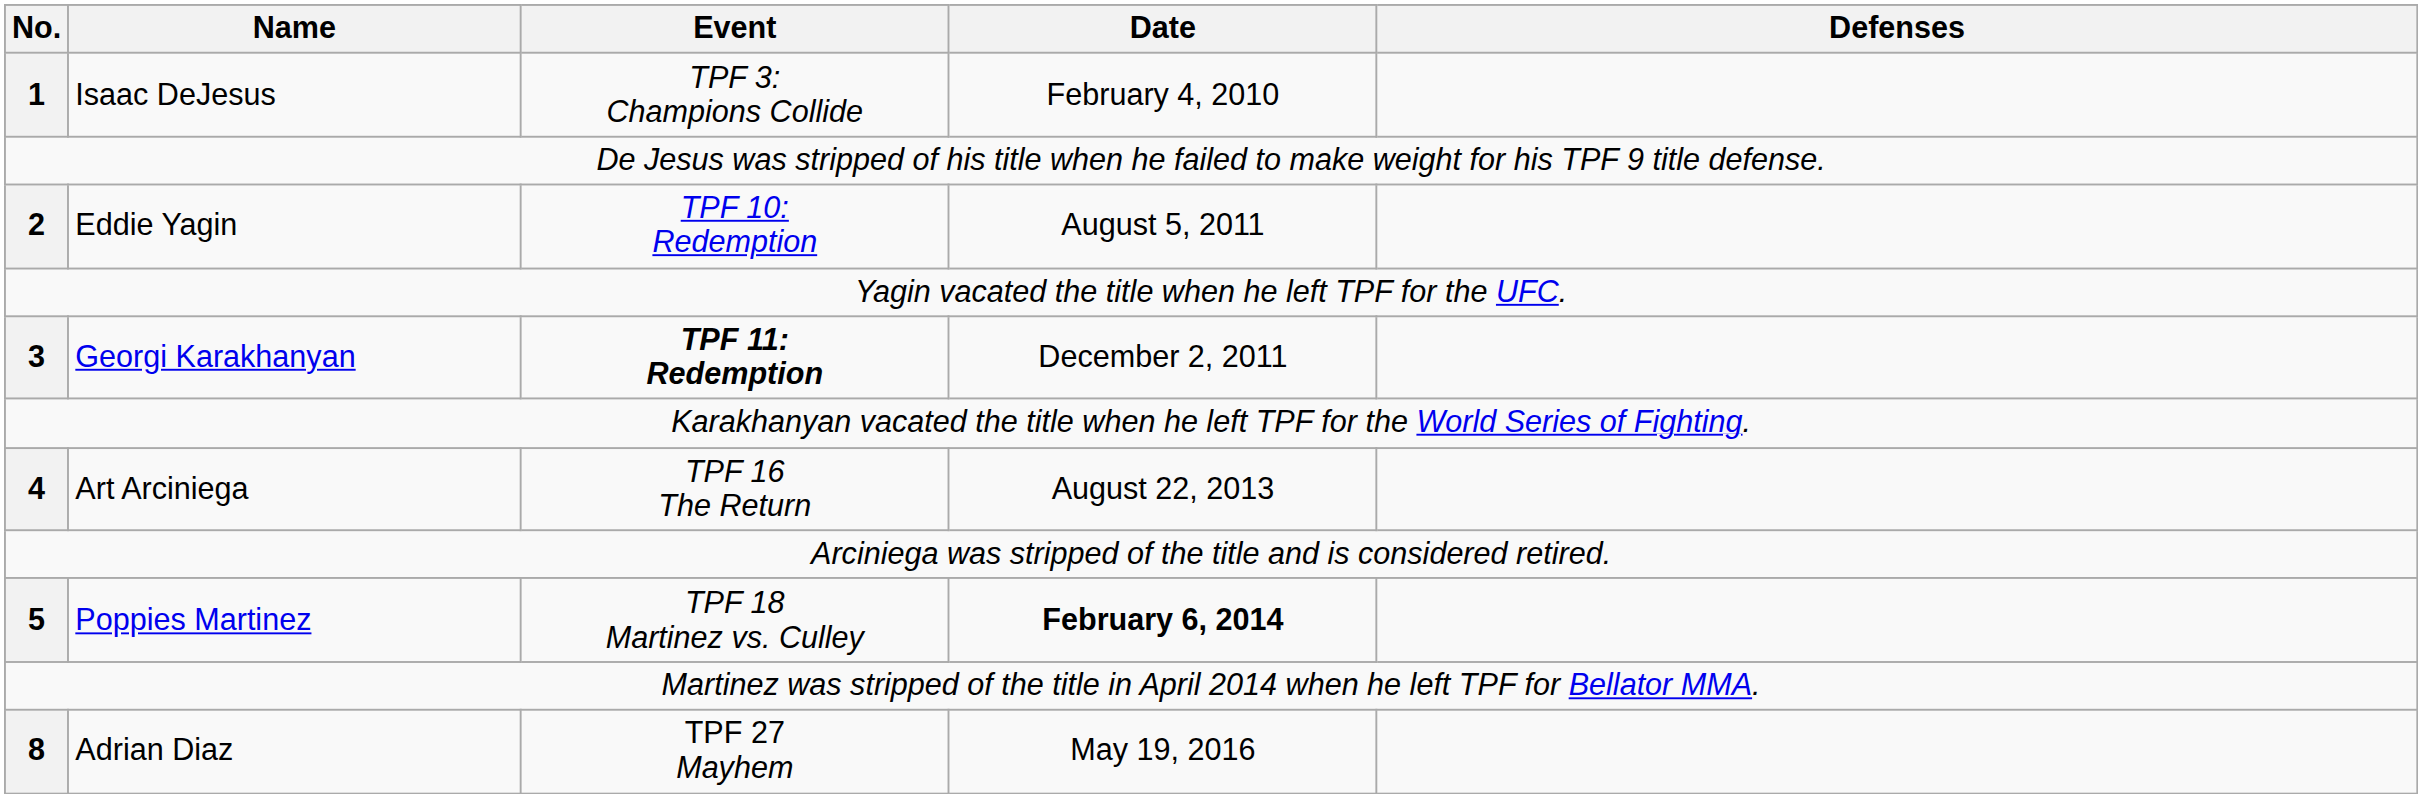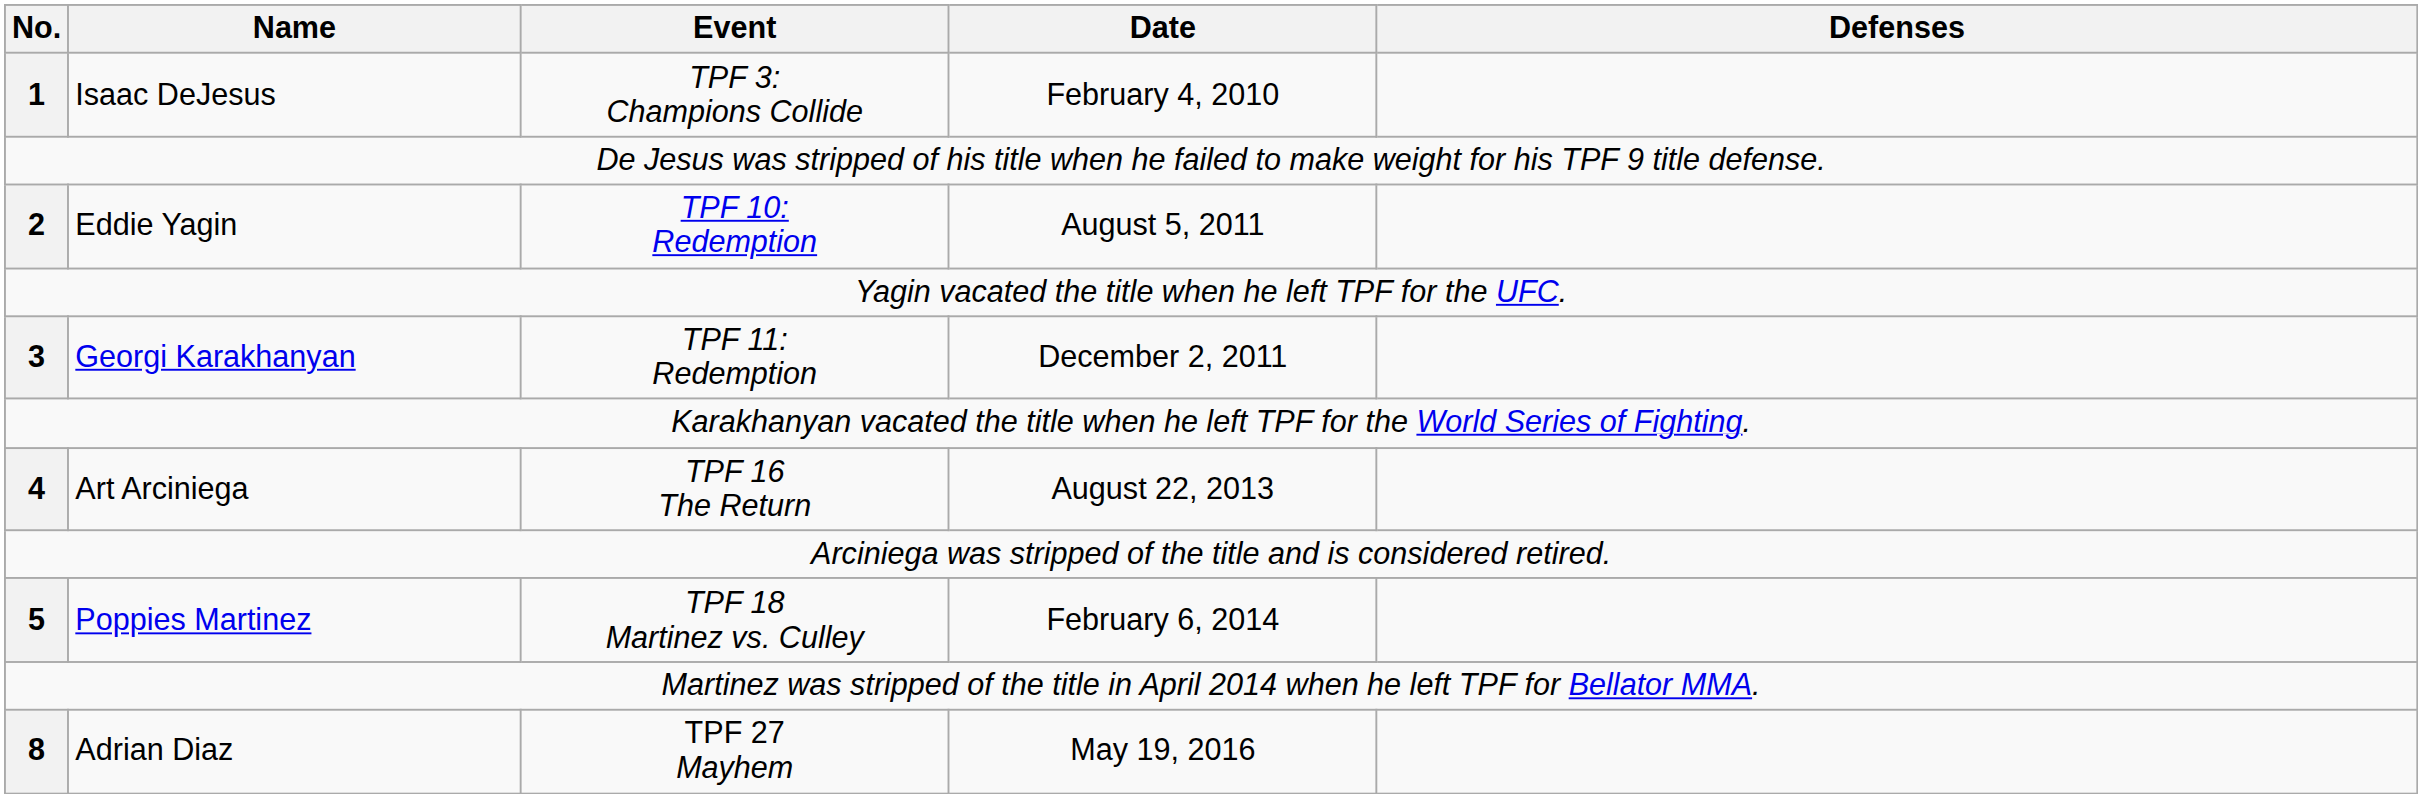 <table class="wikitable" width=100%>
 <tr>
 <th width=1%>No.</th>
 <th width=19%>Name</th>
 <th width=18%>Event</th>
 <th width=18%>Date</th>
 <th width=44%>Defenses</th>
 </tr>
 <tr>
 <th>1</th>
 <td align=left> Isaac DeJesus<br></td>
 <td align=center><em>TPF 3:</em><br><em>Champions Collide</em><br></td>
 <td align=center>February 4, 2010</td>
 <td></td>
 </tr>
 <tr>
 <td align="center" colspan="5"><em>De Jesus was stripped of his title when he failed to make weight for his TPF 9 title defense.</em></td>
 </tr>
 <tr>
 <th>2</th>
 <td align=left> Eddie Yagin<br></td>
 <td align=center><em><a href='#'>TPF 10:</a></em><br><em><a href='#'>Redemption</a></em><br></td>
 <td align=center>August 5, 2011</td>
 <td></td>
 </tr>
 <tr>
 <td align="center" colspan="5"><em>Yagin vacated the title when he left TPF for the <a href='#'>UFC</a>.</em></td>
 </tr>
 <tr>
 <th>3</th>
 <td align=left> <a href='#'>Georgi Karakhanyan</a><br></td>
-<td align=center><strong><em>TPF 11:</em><br><em>Redemption</em><br></strong></td>
+<td align=center><em>TPF 11:</em><br><em>Redemption</em><br></td>
 <td align=center>December 2, 2011</td>
 <td><br></td>
 </tr>
 <tr>
 <td align="center" colspan="5"><em>Karakhanyan vacated the title when he left TPF for the <a href='#'>World Series of Fighting</a>.</em></td>
 </tr>
 <tr>
 <th>4</th>
 <td align=left> Art Arciniega<br></td>
 <td align=center><em>TPF 16</em><br><em>The Return</em><br></td>
 <td align=center>August 22, 2013</td>
 <td></td>
 </tr>
 <tr>
 <td align="center" colspan="5"><em>Arciniega was stripped of the title and is considered retired.</em></td>
 </tr>
 <tr>
 <th>5</th>
 <td align=left> <a href='#'>Poppies Martinez</a><br></td>
 <td align=center><em>TPF 18</em><br><em>Martinez vs. Culley</em><br></td>
-<td align=center><strong>February 6, 2014</strong></td>
+<td align=center>February 6, 2014</td>
 <td></td>
 </tr>
 <tr>
 <td align="center" colspan="5"><em>Martinez was stripped of the title in April 2014 when he left TPF for <a href='#'>Bellator MMA</a>.</em></td>
 </tr>
 <tr>
 <th>8</th>
 <td align=left> Adrian Diaz<br></td>
 <td align=center>TPF 27<br><em>Mayhem</em><br></td>
 <td align=center>May 19, 2016</td>
 <td></td>
 </tr>
 <tr>
 </tr>
 </table>
